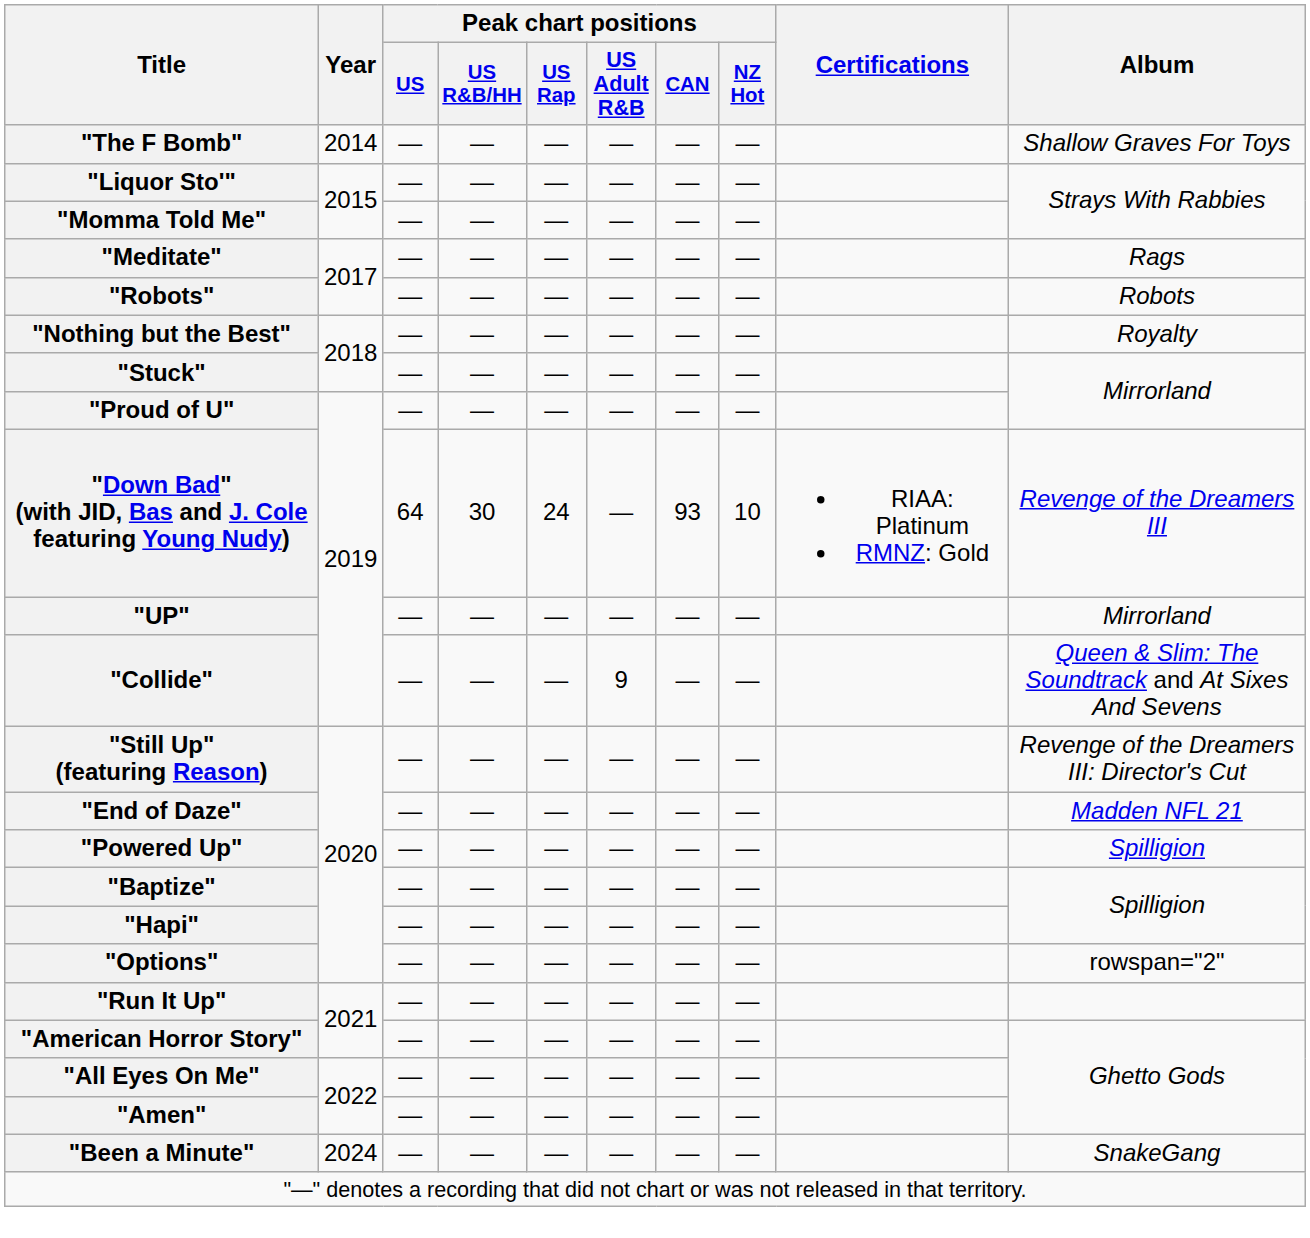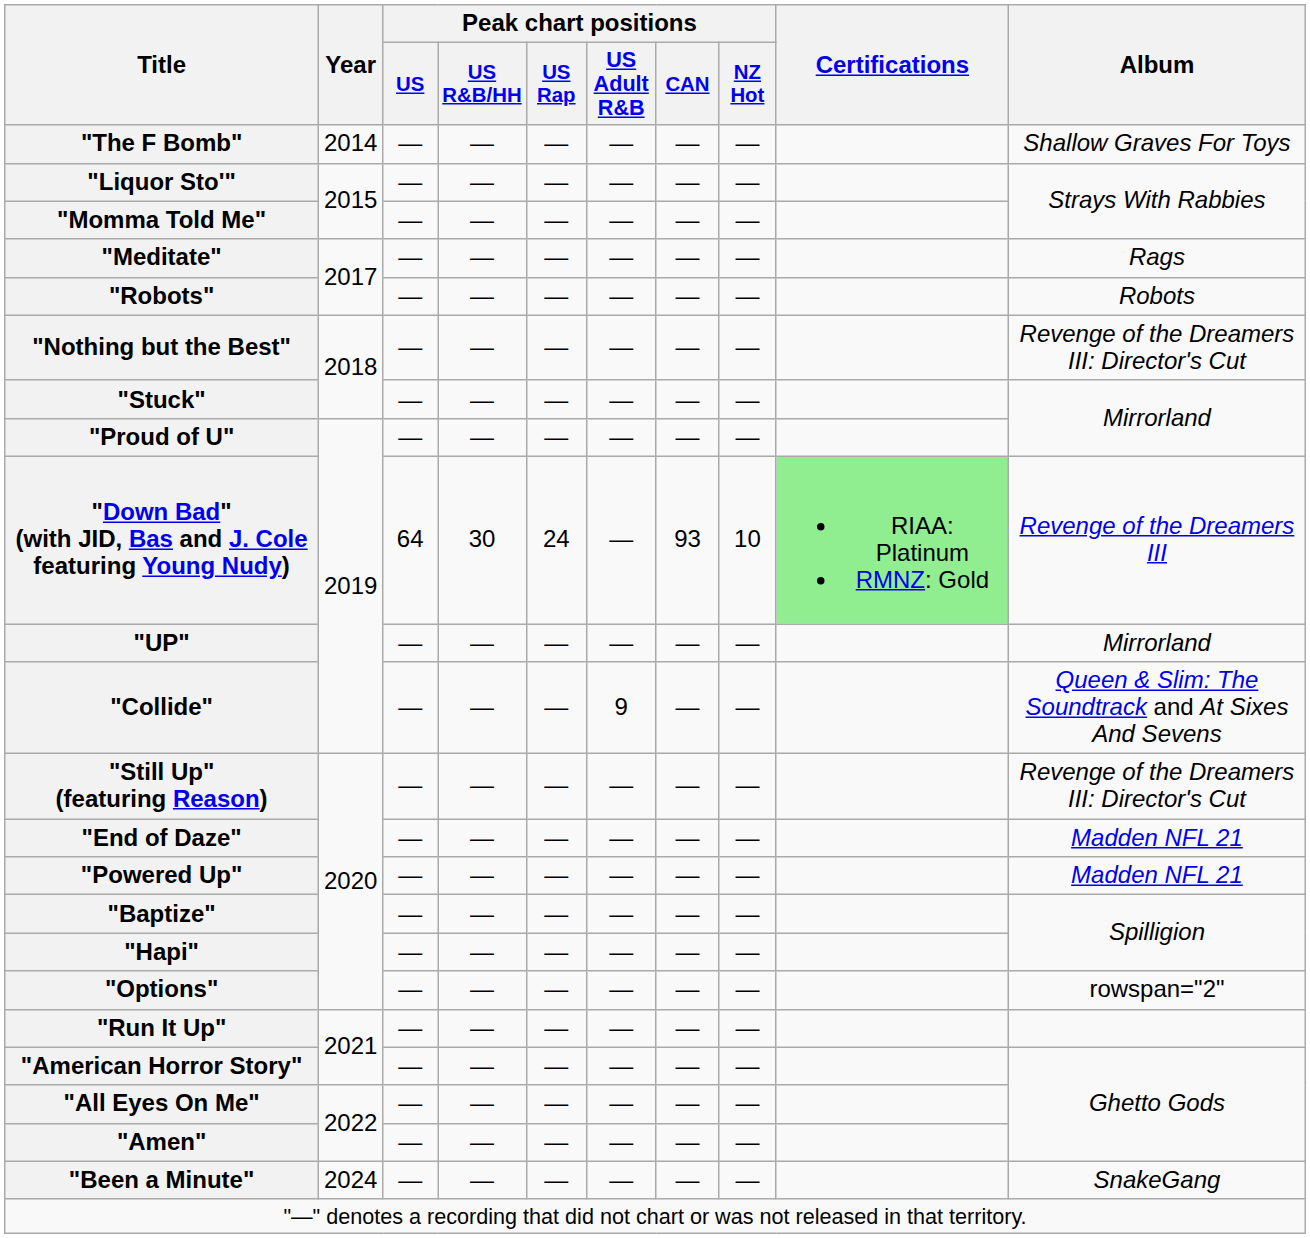 <table class="wikitable plainrowheaders" style="text-align:center;">
 <tr>
 <th scope="col" rowspan="2" style="width:20em;">Title</th>
 <th scope="col" rowspan="2" style="width:1em;">Year</th>
 <th scope="col" colspan="6">Peak chart positions</th>
 <th scope="col" rowspan="2" style="width:12em;"><a href='#'>Certifications</a></th>
 <th scope="col" rowspan="2" style="width:18em;">Album</th>
 </tr>
 <tr>
 <th scope="col" style="width:3em;font-size:85%;"><a href='#'>US</a><br></th>
 <th scope="col" style="width:3em;font-size:85%;"><a href='#'>US<br>R&B/HH</a><br></th>
 <th scope="col" style="width:3em;font-size:85%;"><a href='#'>US<br>Rap</a><br></th>
 <th scope="col" style="width:3em;font-size:90%;"><a href='#'>US<br>Adult R&B</a><br></th>
 <th scope="col" style="width:3em;font-size:85%;"><a href='#'>CAN</a><br></th>
 <th scope="col" style="width:3em;font-size:85%;"><a href='#'>NZ<br>Hot</a></th>
 </tr>
 <tr>
 <th scope="row">"The F Bomb"</th>
 <td>2014</td>
 <td>—</td>
 <td>—</td>
 <td>—</td>
 <td>—</td>
 <td>—</td>
 <td>—</td>
 <td></td>
 <td><em>Shallow Graves For Toys</em></td>
 </tr>
 <tr>
 <th scope="row">"Liquor Sto'"<br></th>
 <td rowspan="2">2015</td>
 <td>—</td>
 <td>—</td>
 <td>—</td>
 <td>—</td>
 <td>—</td>
 <td>—</td>
 <td></td>
 <td rowspan="2"><em>Strays With Rabbies</em></td>
 </tr>
 <tr>
 <th scope="row">"Momma Told Me"<br></th>
 <td>—</td>
 <td>—</td>
 <td>—</td>
 <td>—</td>
 <td>—</td>
 <td>—</td>
 </tr>
 <tr>
 <th scope="row">"Meditate"<br></th>
 <td rowspan="2">2017</td>
 <td>—</td>
 <td>—</td>
 <td>—</td>
 <td>—</td>
 <td>—</td>
 <td>—</td>
 <td></td>
 <td><em>Rags</em></td>
 </tr>
 <tr>
 <th scope="row">"Robots"</th>
 <td>—</td>
 <td>—</td>
 <td>—</td>
 <td>—</td>
 <td>—</td>
 <td>—</td>
 <td></td>
 <td><em>Robots</em></td>
 </tr>
 <tr>
 <th scope="row">"Nothing but the Best"<br></th>
 <td rowspan="2">2018</td>
 <td>—</td>
 <td>—</td>
 <td>—</td>
 <td>—</td>
 <td>—</td>
 <td>—</td>
 <td></td>
-<td><em>Royalty</em></td>
+<td><em>Revenge of the Dreamers III: Director's Cut</em></td>
 </tr>
 <tr>
 <th scope="row">"Stuck"<br></th>
 <td>—</td>
 <td>—</td>
 <td>—</td>
 <td>—</td>
 <td>—</td>
 <td>—</td>
 <td></td>
 <td rowspan="2"><em>Mirrorland</em></td>
 </tr>
 <tr>
 <th scope="row">"Proud of U"<br></th>
 <td rowspan="4">2019</td>
 <td>—</td>
 <td>—</td>
 <td>—</td>
 <td>—</td>
 <td>—</td>
 <td>—</td>
 <td></td>
 </tr>
 <tr>
 <th scope="row">"<a href='#'>Down Bad</a>"<br><span>(with JID, <a href='#'>Bas</a> and <a href='#'>J. Cole</a> featuring <a href='#'>Young Nudy</a>)</span></th>
 <td>64</td>
 <td>30</td>
 <td>24</td>
 <td>—</td>
 <td>93</td>
 <td>10</td>
-<td><br><ul><li>RIAA: Platinum</li><li><a href='#'>RMNZ</a>: Gold</li></ul></td>
+<td style="background: lightgreen;"><br><ul><li>RIAA: Platinum</li><li><a href='#'>RMNZ</a>: Gold</li></ul></td>
 <td><em><a href='#'>Revenge of the Dreamers III</a></em></td>
 </tr>
 <tr>
 <th scope="row">"UP"</th>
 <td>—</td>
 <td>—</td>
 <td>—</td>
 <td>—</td>
 <td>—</td>
 <td>—</td>
 <td></td>
 <td><em>Mirrorland</em></td>
 </tr>
 <tr>
 <th scope="row">"Collide"<br></th>
 <td>—</td>
 <td>—</td>
 <td>—</td>
 <td>9</td>
 <td>—</td>
 <td>—</td>
 <td></td>
 <td><em><a href='#'>Queen & Slim: The Soundtrack</a></em> and <em>At Sixes And Sevens</em></td>
 </tr>
 <tr>
 <th scope="row">"Still Up"<br><span>(featuring <a href='#'>Reason</a>)</span></th>
 <td rowspan="6">2020</td>
 <td>—</td>
 <td>—</td>
 <td>—</td>
 <td>—</td>
 <td>—</td>
 <td>—</td>
 <td></td>
 <td><em>Revenge of the Dreamers III: Director's Cut</em></td>
 </tr>
 <tr>
 <th scope="row">"End of Daze"<br></th>
 <td>—</td>
 <td>—</td>
 <td>—</td>
 <td>—</td>
 <td>—</td>
 <td>—</td>
 <td></td>
 <td><em><a href='#'>Madden NFL 21</a></em></td>
 </tr>
 <tr>
 <th scope="row">"Powered Up"</th>
 <td>—</td>
 <td>—</td>
 <td>—</td>
 <td>—</td>
 <td>—</td>
 <td>—</td>
 <td></td>
-<td><em><a href='#'>Spilligion</a></em></td>
+<td><em><a href='#'>Madden NFL 21</a></em></td>
 </tr>
 <tr>
 <th scope="row">"Baptize"<br></th>
 <td>—</td>
 <td>—</td>
 <td>—</td>
 <td>—</td>
 <td>—</td>
 <td>—</td>
 <td></td>
 <td rowspan="2"><em>Spilligion</em></td>
 </tr>
 <tr>
 <th scope="row">"Hapi"<br></th>
 <td>—</td>
 <td>—</td>
 <td>—</td>
 <td>—</td>
 <td>—</td>
 <td>—</td>
 <td></td>
 </tr>
 <tr>
 <th scope="row">"Options"<br></th>
 <td>—</td>
 <td>—</td>
 <td>—</td>
 <td>—</td>
 <td>—</td>
 <td>—</td>
 <td></td>
 <td>rowspan="2" </td>
 </tr>
 <tr>
 <th scope="row">"Run It Up" <br></th>
 <td rowspan="2">2021</td>
 <td>—</td>
 <td>—</td>
 <td>—</td>
 <td>—</td>
 <td>—</td>
 <td>—</td>
 <td></td>
 </tr>
 <tr>
 <th scope="row">"American Horror Story"</th>
 <td>—</td>
 <td>—</td>
 <td>—</td>
 <td>—</td>
 <td>—</td>
 <td>—</td>
 <td></td>
 <td rowspan="3"><em>Ghetto Gods</em></td>
 </tr>
 <tr>
 <th scope="row">"All Eyes On Me"</th>
 <td rowspan="2">2022</td>
 <td>—</td>
 <td>—</td>
 <td>—</td>
 <td>—</td>
 <td>—</td>
 <td>—</td>
 <td></td>
 </tr>
 <tr>
 <th scope="row">"Amen"</th>
 <td>—</td>
 <td>—</td>
 <td>—</td>
 <td>—</td>
 <td>—</td>
 <td>—</td>
 <td></td>
 </tr>
 <tr>
 <th scope="row">"Been a Minute"<br></th>
 <td rowspan="1">2024</td>
 <td>—</td>
 <td>—</td>
 <td>—</td>
 <td>—</td>
 <td>—</td>
 <td>—</td>
 <td></td>
 <td><em>SnakeGang</em></td>
 </tr>
 <tr>
 <td colspan="14" style="font-size:90%">"—" denotes a recording that did not chart or was not released in that territory.</td>
 </tr>
 </table>
